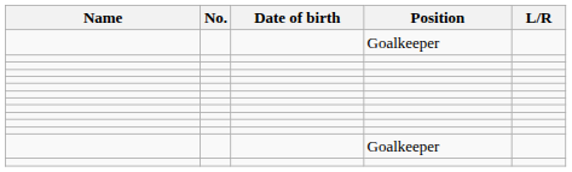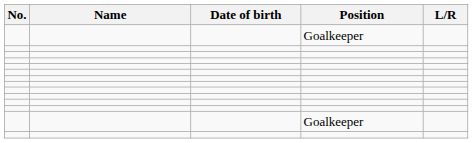 <table class="wikitable sortable" style=font-size:100%; text-align:center;>
 <tr>
+<th>No.</th>
 <th style=width:12em>Name</th>
-<th>No.</th>
 <th style=width:8em>Date of birth</th>
 <th style=width:9em>Position</th>
 <th style=width:3em>L/R</th>
 </tr>
 <tr>
+<td></td>
 <td align=left></td>
-<td></td>
 <td align=right></td>
 <td>Goalkeeper</td>
 <td></td>
 </tr>
 <tr>
+<td></td>
 <td align=left></td>
-<td></td>
 <td align=right></td>
 <td></td>
 <td></td>
 </tr>
 <tr>
+<td></td>
 <td align=left></td>
-<td></td>
 <td align=right></td>
 <td></td>
 <td></td>
 </tr>
 <tr>
+<td></td>
 <td align=left></td>
-<td></td>
 <td align=right></td>
 <td></td>
 <td></td>
 </tr>
 <tr>
+<td></td>
 <td align=left></td>
-<td></td>
 <td align=right></td>
 <td></td>
 <td></td>
 </tr>
 <tr>
+<td></td>
 <td align=left></td>
-<td></td>
 <td align=right></td>
 <td></td>
 <td></td>
 </tr>
 <tr>
+<td></td>
 <td align=left></td>
-<td></td>
 <td align=right></td>
 <td></td>
 <td></td>
 </tr>
 <tr>
+<td></td>
 <td align=left></td>
-<td></td>
 <td align=right></td>
 <td></td>
 <td></td>
 </tr>
 <tr>
+<td></td>
 <td align=left></td>
-<td></td>
 <td align=right></td>
 <td></td>
 <td></td>
 </tr>
 <tr>
+<td></td>
 <td align=left></td>
-<td></td>
 <td align=right></td>
 <td></td>
 <td></td>
 </tr>
 <tr>
+<td></td>
 <td align=left></td>
-<td></td>
 <td align=right></td>
 <td></td>
 <td></td>
 </tr>
 <tr>
+<td></td>
 <td align=left></td>
-<td></td>
 <td align=right></td>
 <td></td>
 <td></td>
 </tr>
 <tr>
+<td></td>
 <td align=left></td>
-<td></td>
 <td align=right></td>
 <td>Goalkeeper</td>
 <td></td>
 </tr>
 <tr>
+<td></td>
 <td align=left></td>
-<td></td>
 <td align=right></td>
 <td></td>
 <td></td>
 </tr>
 </table>
